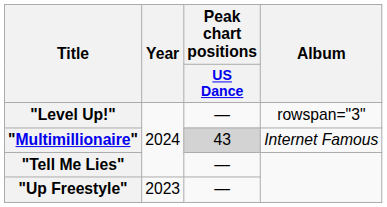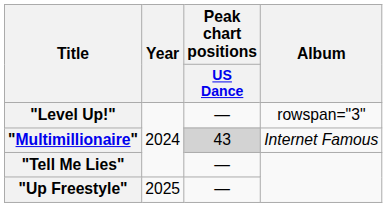 <table class="wikitable plainrowheaders" style="text-align:center;">
 <tr>
 <th scope="col" rowspan="2">Title</th>
 <th scope="col" rowspan="2">Year</th>
 <th scope="col">Peak chart positions</th>
 <th scope="col" rowspan="2">Album</th>
 </tr>
 <tr>
 <th scope="col" style="width:3em; font-size:90%"><a href='#'>US<br>Dance</a><br></th>
 </tr>
 <tr>
 <th scope="row">"Level Up!"<br></th>
 <td rowspan="3">2024</td>
 <td>—</td>
 <td>rowspan="3" </td>
 </tr>
 <tr>
 <th scope="row">"<a href='#'>Multimillionaire</a>"<br></th>
 <td style="background: lightgrey;">43</td>
 <td><em>Internet Famous</em></td>
 </tr>
 <tr>
 <th scope="row">"Tell Me Lies"<br></th>
 <td>—</td>
 </tr>
 <tr>
 <th scope="row">"Up Freestyle"<br></th>
-<td rowspan="1">2023</td>
+<td rowspan="1">2025</td>
 <td>—</td>
 </tr>
 </table>
